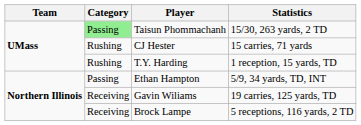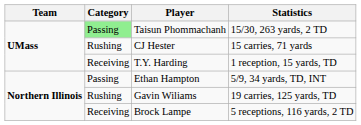 <table class="wikitable" style="float: right;">
 <tr>
 <th>Team</th>
 <th>Category</th>
 <th>Player</th>
 <th>Statistics</th>
 </tr>
 <tr>
 <td rowspan=3><strong>UMass</strong></td>
 <td style="background: lightgreen;">Passing</td>
 <td>Taisun Phommachanh</td>
 <td>15/30, 263 yards, 2 TD</td>
 </tr>
 <tr>
 <td>Rushing</td>
 <td>CJ Hester</td>
 <td>15 carries, 71 yards</td>
 </tr>
 <tr>
-<td>Rushing</td>
+<td>Receiving</td>
 <td>T.Y. Harding</td>
 <td>1 reception, 15 yards, TD</td>
 </tr>
 <tr>
 <td rowspan=3><strong>Northern Illinois</strong></td>
 <td>Passing</td>
 <td>Ethan Hampton</td>
 <td>5/9, 34 yards, TD, INT</td>
 </tr>
 <tr>
-<td>Receiving</td>
+<td>Rushing</td>
 <td>Gavin Wiliams</td>
 <td>19 carries, 125 yards, TD</td>
 </tr>
 <tr>
 <td>Receiving</td>
 <td>Brock Lampe</td>
 <td>5 receptions, 116 yards, 2 TD</td>
 </tr>
 </table>
